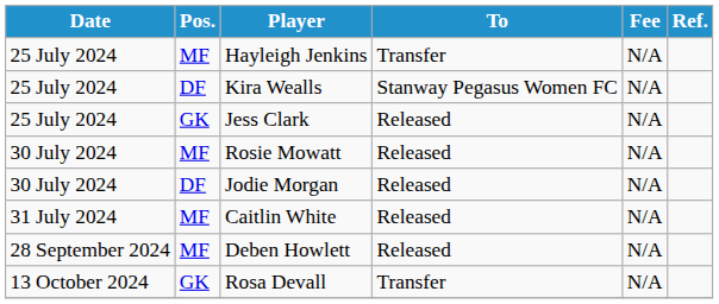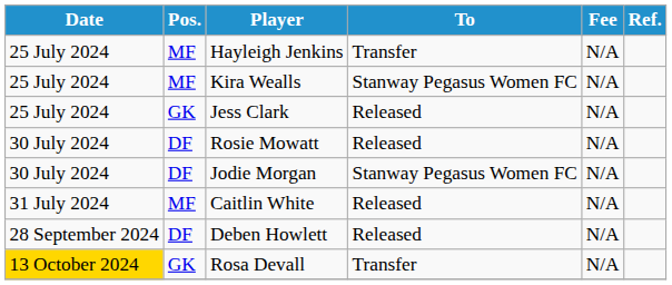 <table class="wikitable plainrowheaders sortable">
 <tr>
 <th style="background:#2191CC; color:#FFFFFF; ">Date</th>
 <th style="background:#2191CC; color:#FFFFFF; ">Pos.</th>
 <th style="background:#2191CC; color:#FFFFFF; ">Player</th>
 <th style="background:#2191CC; color:#FFFFFF; ">To</th>
 <th style="background:#2191CC; color:#FFFFFF; ">Fee</th>
 <th style="background:#2191CC; color:#FFFFFF; ">Ref.</th>
 </tr>
 <tr>
 <td>25 July 2024</td>
 <td><a href='#'>MF</a></td>
 <td> Hayleigh Jenkins</td>
 <td>Transfer</td>
 <td>N/A</td>
 <td></td>
 </tr>
 <tr>
 <td>25 July 2024</td>
-<td><a href='#'>DF</a></td>
+<td><a href='#'>MF</a></td>
 <td> Kira Wealls</td>
 <td>Stanway Pegasus Women FC</td>
 <td>N/A</td>
 <td></td>
 </tr>
 <tr>
 <td>25 July 2024</td>
 <td><a href='#'>GK</a></td>
 <td> Jess Clark</td>
 <td>Released</td>
 <td>N/A</td>
 <td></td>
 </tr>
 <tr>
 <td>30 July 2024</td>
-<td><a href='#'>MF</a></td>
+<td><a href='#'>DF</a></td>
 <td> Rosie Mowatt</td>
 <td>Released</td>
 <td>N/A</td>
 <td></td>
 </tr>
 <tr>
 <td>30 July 2024</td>
 <td><a href='#'>DF</a></td>
 <td> Jodie Morgan</td>
-<td>Released</td>
+<td>Stanway Pegasus Women FC</td>
 <td>N/A</td>
 <td></td>
 </tr>
 <tr>
 <td>31 July 2024</td>
 <td><a href='#'>MF</a></td>
 <td> Caitlin White</td>
 <td>Released</td>
 <td>N/A</td>
 <td></td>
 </tr>
 <tr>
 <td>28 September 2024</td>
-<td><a href='#'>MF</a></td>
+<td><a href='#'>DF</a></td>
 <td> Deben Howlett</td>
 <td>Released</td>
 <td>N/A</td>
 <td></td>
 </tr>
 <tr>
-<td>13 October 2024</td>
+<td style="background: gold;">13 October 2024</td>
 <td><a href='#'>GK</a></td>
 <td> Rosa Devall</td>
 <td>Transfer</td>
 <td>N/A</td>
 <td></td>
 </tr>
 <tr>
 </tr>
 </table>
